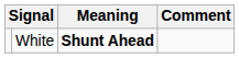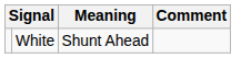 <table class="wikitable">
 <tr>
 <th colspan=2>Signal</th>
 <th>Meaning</th>
 <th>Comment</th>
 </tr>
 <tr>
 <td></td>
 <td>White</td>
-<td><strong>Shunt Ahead</strong></td>
+<td>Shunt Ahead</td>
 <td></td>
 </tr>
 </table>
